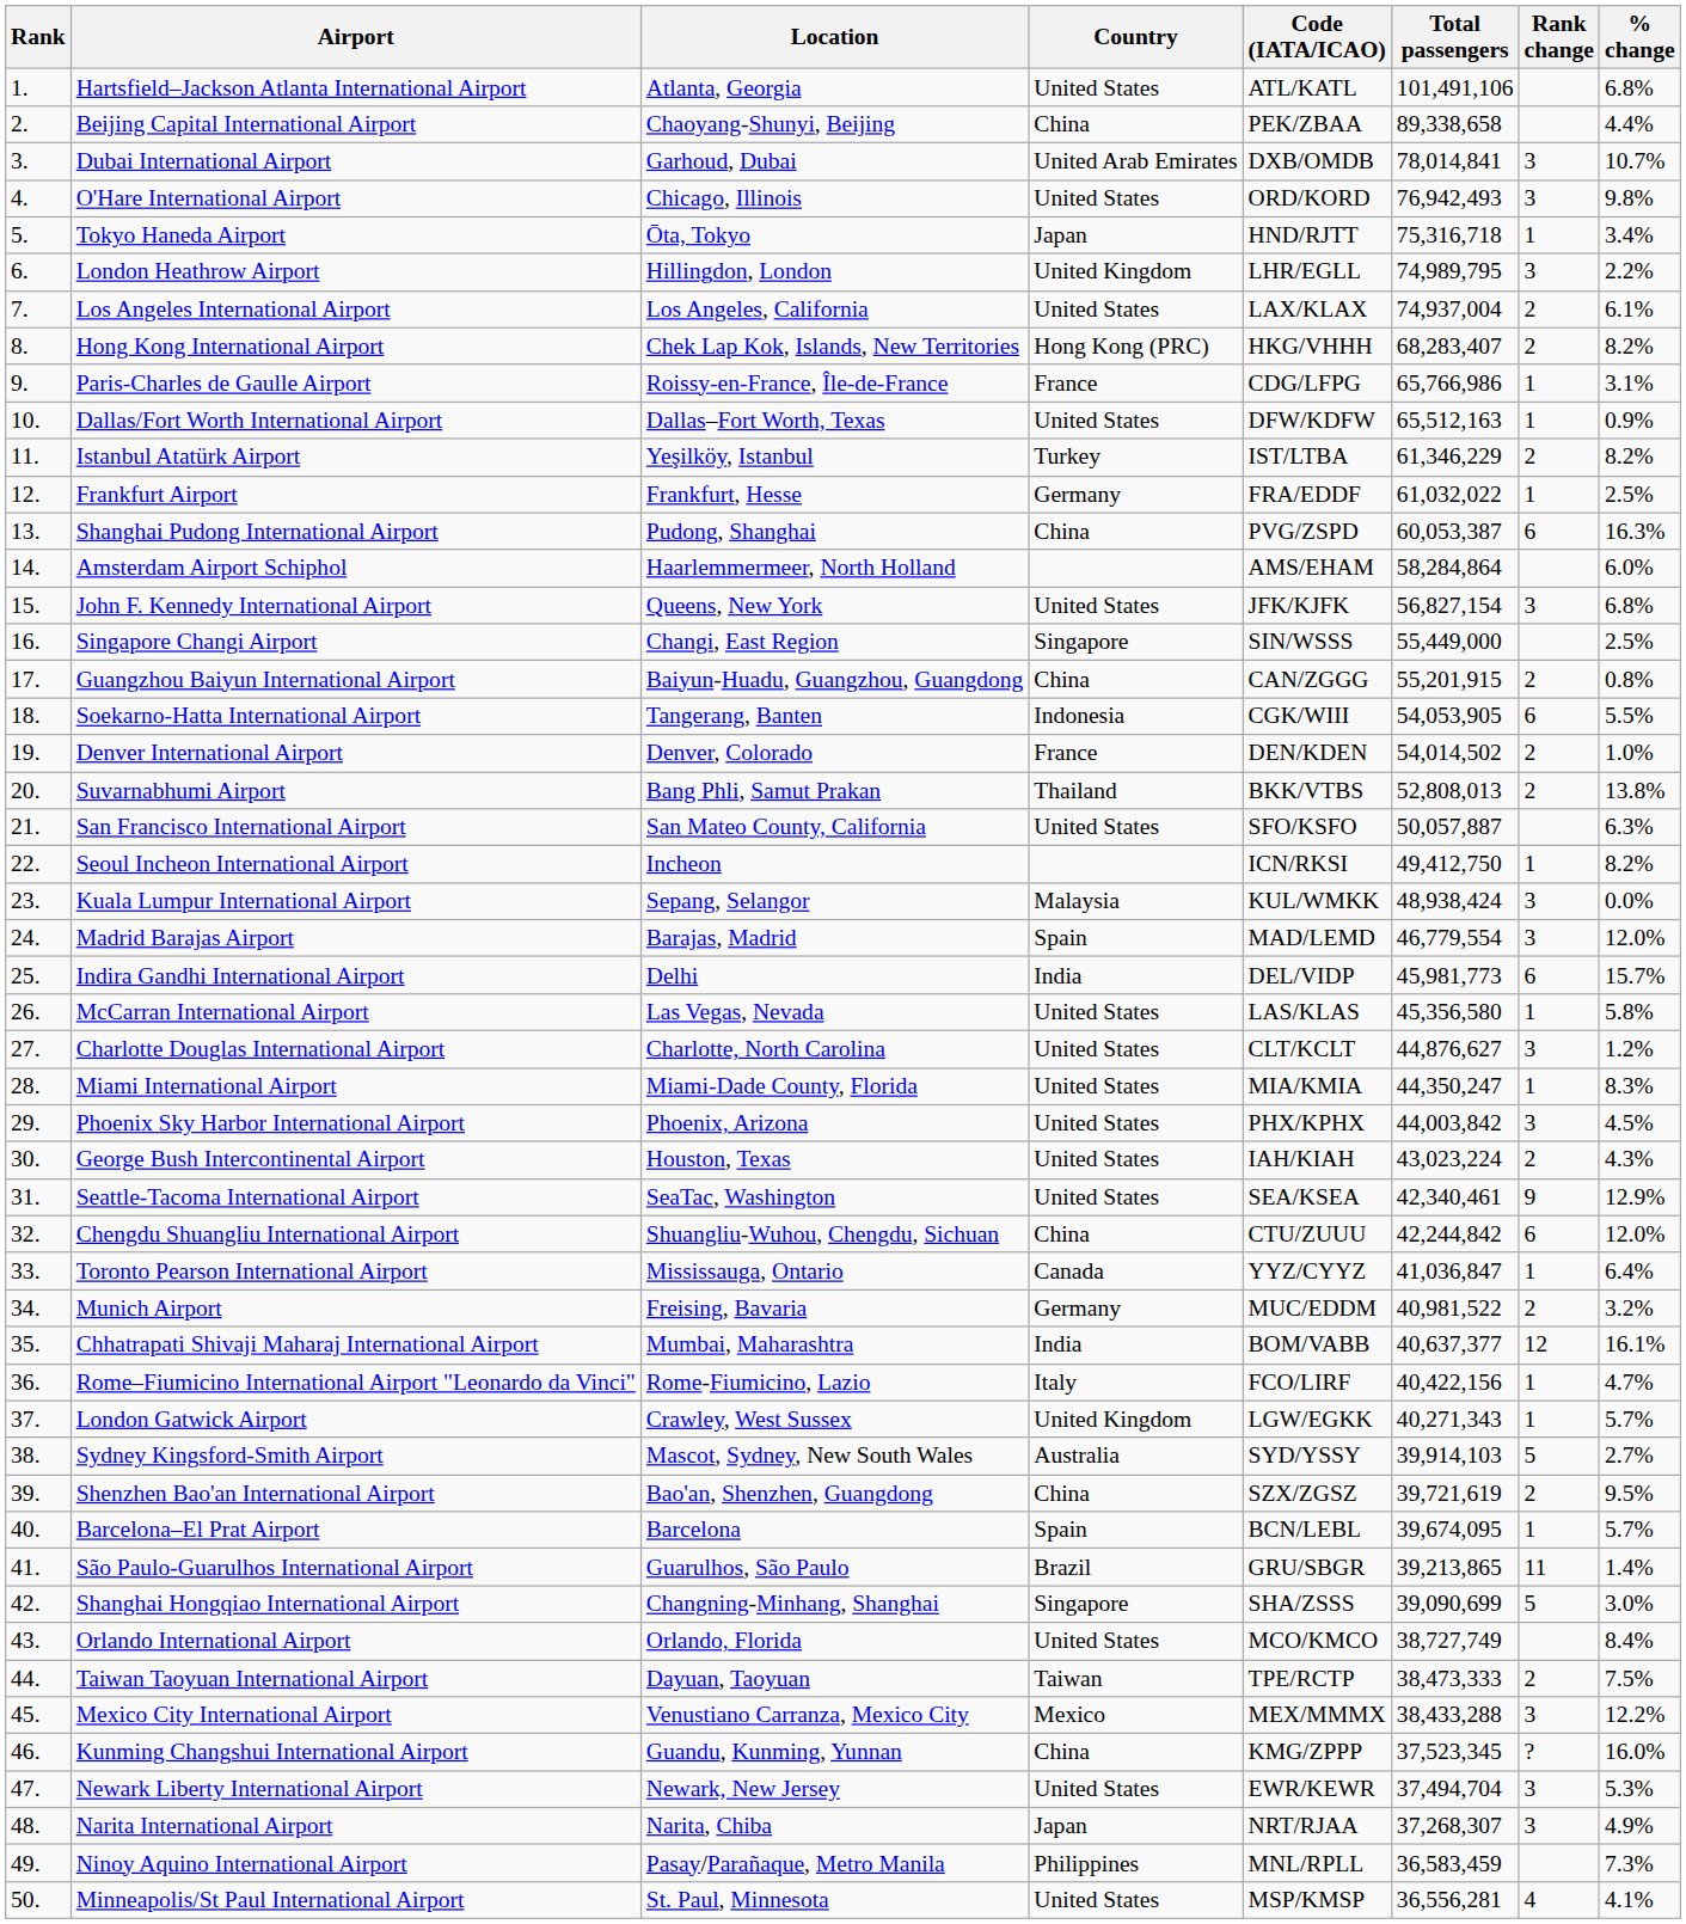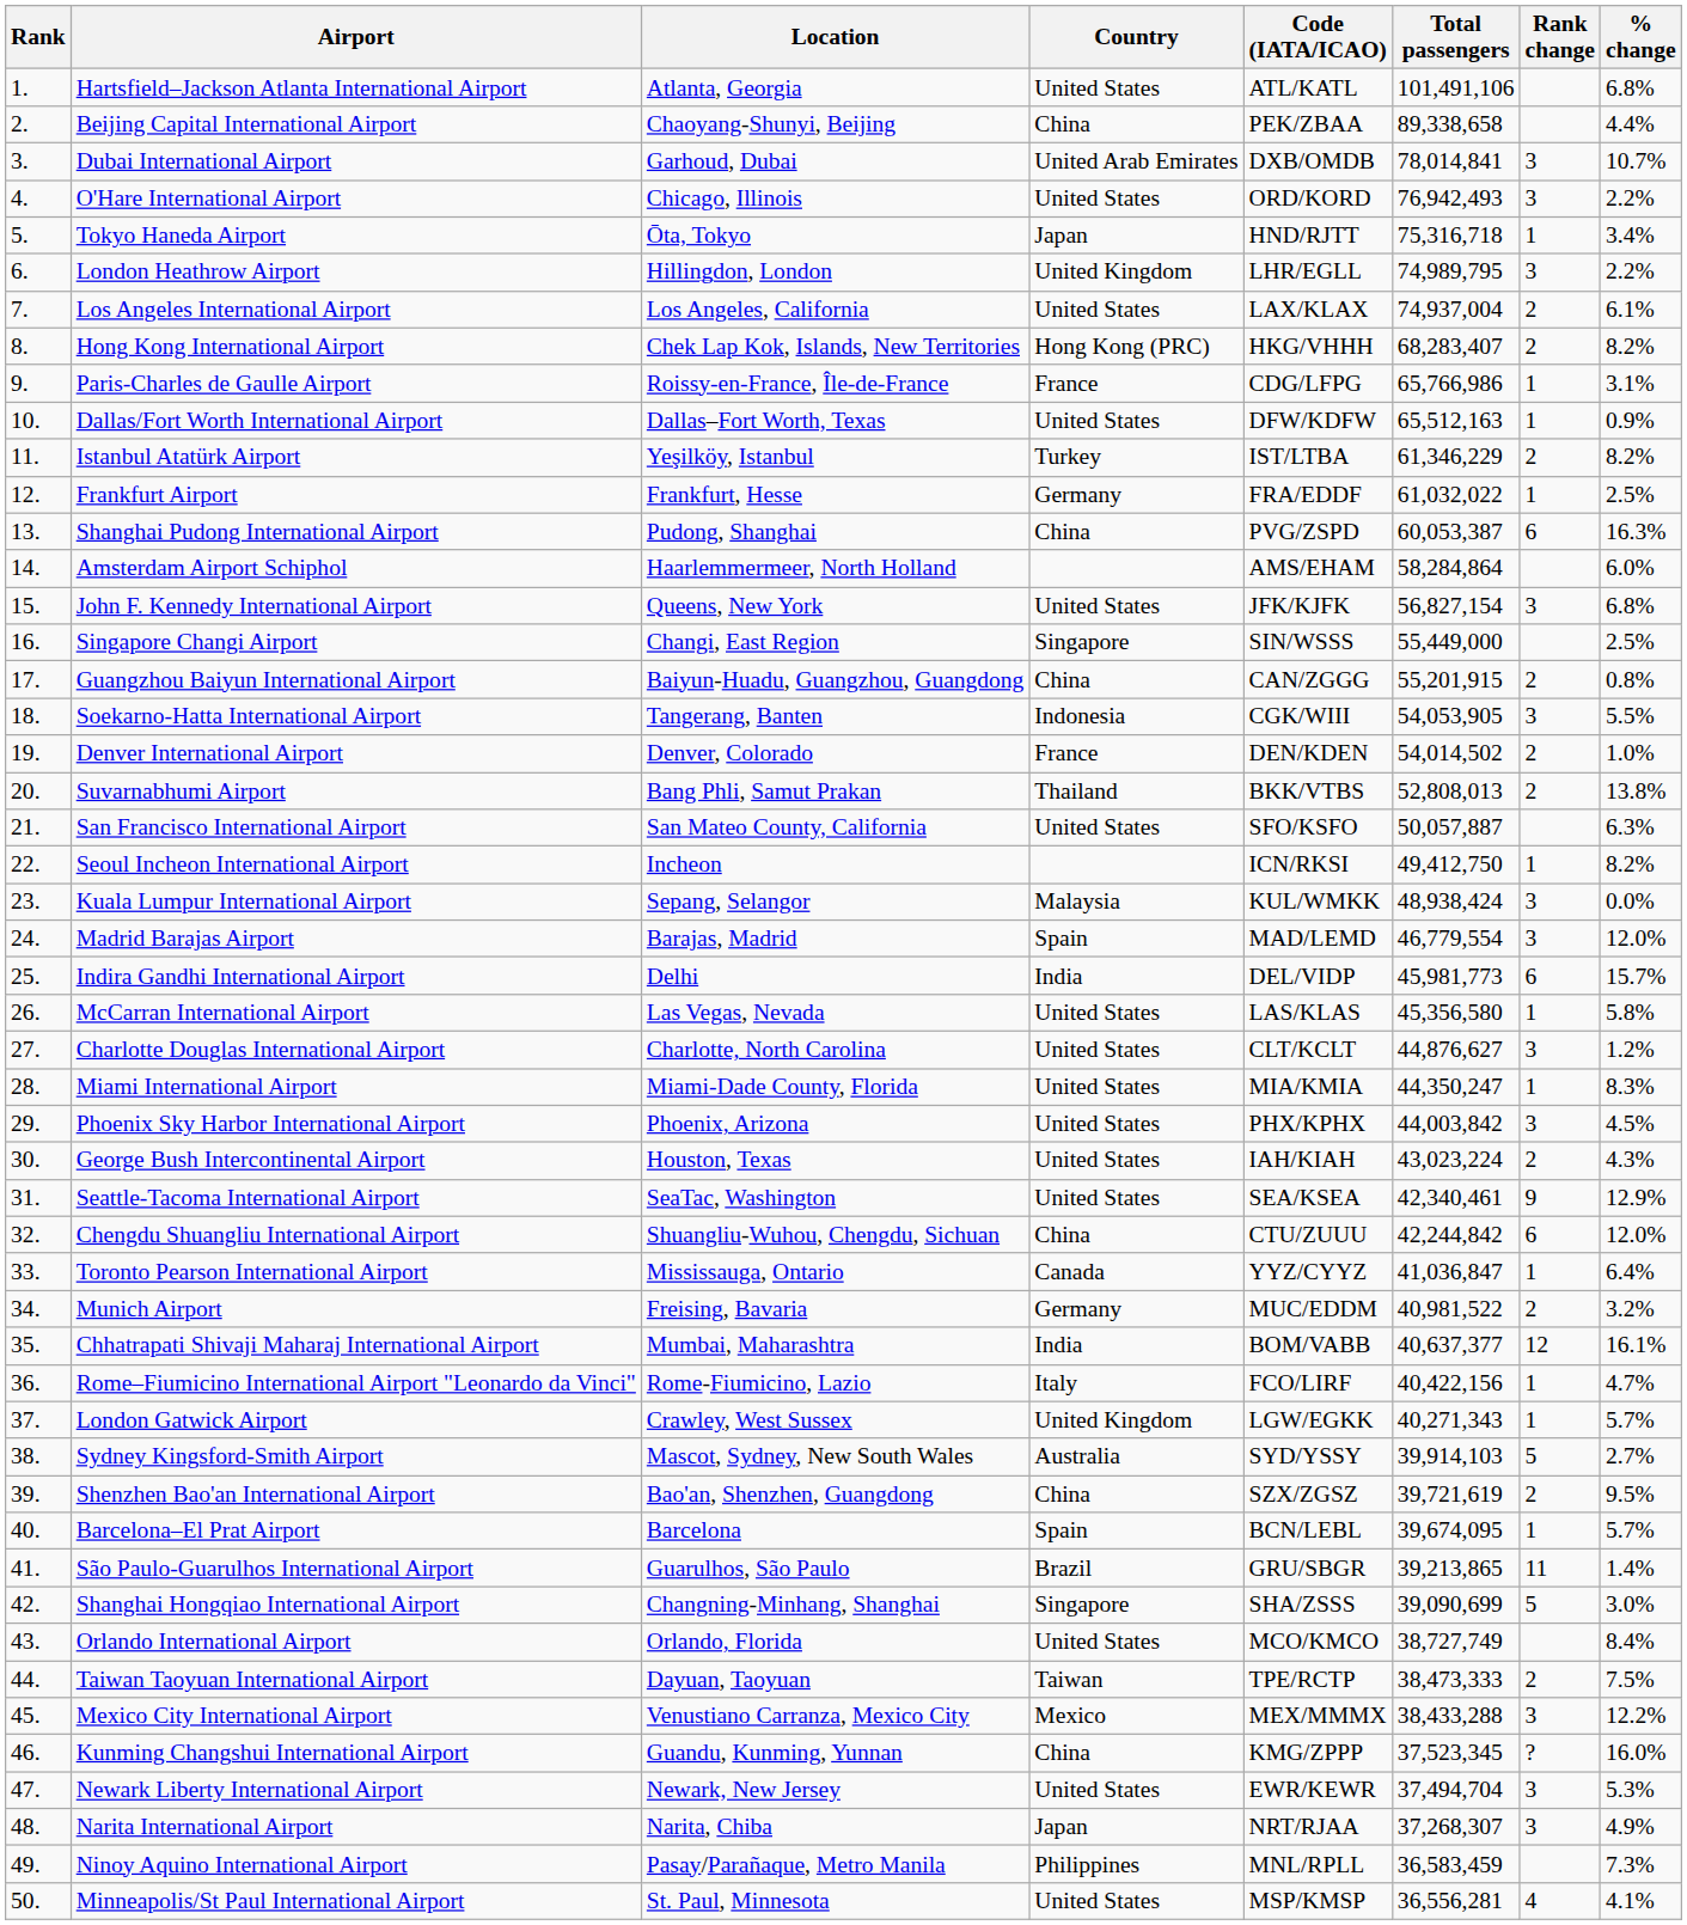 <table class="wikitable sortable" style="-size: 85%" width= align=>
 <tr style="background:lightgrey;">
 <th>Rank</th>
 <th>Airport</th>
 <th>Location</th>
 <th>Country</th>
 <th>Code<br>(IATA/ICAO)</th>
 <th>Total<br>passengers</th>
 <th>Rank<br>change</th>
 <th>%<br>change</th>
 </tr>
 <tr>
 <td>1.</td>
 <td> <a href='#'>Hartsfield–Jackson Atlanta International Airport</a></td>
 <td><a href='#'>Atlanta</a>, <a href='#'>Georgia</a></td>
 <td>United States</td>
 <td>ATL/KATL</td>
 <td>101,491,106</td>
 <td></td>
 <td>6.8%</td>
 </tr>
 <tr>
 <td>2.</td>
 <td> <a href='#'>Beijing Capital International Airport</a></td>
 <td><a href='#'>Chaoyang</a>-<a href='#'>Shunyi</a>, <a href='#'>Beijing</a></td>
 <td>China</td>
 <td>PEK/ZBAA</td>
 <td>89,338,658</td>
 <td></td>
 <td>4.4%</td>
 </tr>
 <tr>
 <td>3.</td>
 <td> <a href='#'>Dubai International Airport</a></td>
 <td><a href='#'>Garhoud</a>, <a href='#'>Dubai</a></td>
 <td>United Arab Emirates</td>
 <td>DXB/OMDB</td>
 <td>78,014,841</td>
 <td>3</td>
 <td>10.7%</td>
 </tr>
 <tr>
 <td>4.</td>
 <td> <a href='#'>O'Hare International Airport</a></td>
 <td><a href='#'>Chicago</a>, <a href='#'>Illinois</a></td>
 <td>United States</td>
 <td>ORD/KORD</td>
 <td>76,942,493</td>
 <td>3</td>
-<td>9.8%</td>
+<td>2.2%</td>
 </tr>
 <tr>
 <td>5.</td>
 <td> <a href='#'>Tokyo Haneda Airport</a></td>
 <td><a href='#'>Ōta, Tokyo</a></td>
 <td>Japan</td>
 <td>HND/RJTT</td>
 <td>75,316,718</td>
 <td>1</td>
 <td>3.4%</td>
 </tr>
 <tr>
 <td>6.</td>
 <td> <a href='#'>London Heathrow Airport</a></td>
 <td><a href='#'>Hillingdon</a>, <a href='#'>London</a></td>
 <td>United Kingdom</td>
 <td>LHR/EGLL</td>
 <td>74,989,795</td>
 <td>3</td>
 <td>2.2%</td>
 </tr>
 <tr>
 <td>7.</td>
 <td> <a href='#'>Los Angeles International Airport</a></td>
 <td><a href='#'>Los Angeles</a>, <a href='#'>California</a></td>
 <td>United States</td>
 <td>LAX/KLAX</td>
 <td>74,937,004</td>
 <td>2</td>
 <td>6.1%</td>
 </tr>
 <tr>
 <td>8.</td>
 <td> <a href='#'>Hong Kong International Airport</a></td>
 <td><a href='#'>Chek Lap Kok</a>, <a href='#'>Islands</a>, <a href='#'>New Territories</a></td>
 <td>Hong Kong (PRC)</td>
 <td>HKG/VHHH</td>
 <td>68,283,407</td>
 <td>2</td>
 <td>8.2%</td>
 </tr>
 <tr>
 <td>9.</td>
 <td> <a href='#'>Paris-Charles de Gaulle Airport</a></td>
 <td><a href='#'>Roissy-en-France</a>, <a href='#'>Île-de-France</a></td>
 <td>France</td>
 <td>CDG/LFPG</td>
 <td>65,766,986</td>
 <td>1</td>
 <td>3.1%</td>
 </tr>
 <tr>
 <td>10.</td>
 <td> <a href='#'>Dallas/Fort Worth International Airport</a></td>
 <td><a href='#'>Dallas</a>–<a href='#'>Fort Worth, Texas</a></td>
 <td>United States</td>
 <td>DFW/KDFW</td>
 <td>65,512,163</td>
 <td>1</td>
 <td>0.9%</td>
 </tr>
 <tr>
 <td>11.</td>
 <td> <a href='#'>Istanbul Atatürk Airport</a></td>
 <td><a href='#'>Yeşilköy</a>, <a href='#'>Istanbul</a></td>
 <td>Turkey</td>
 <td>IST/LTBA</td>
 <td>61,346,229</td>
 <td>2</td>
 <td>8.2%</td>
 </tr>
 <tr>
 <td>12.</td>
 <td> <a href='#'>Frankfurt Airport</a></td>
 <td><a href='#'>Frankfurt</a>, <a href='#'>Hesse</a></td>
 <td>Germany</td>
 <td>FRA/EDDF</td>
 <td>61,032,022</td>
 <td>1</td>
 <td>2.5%</td>
 </tr>
 <tr>
 <td>13.</td>
 <td> <a href='#'>Shanghai Pudong International Airport</a></td>
 <td><a href='#'>Pudong</a>, <a href='#'>Shanghai</a></td>
 <td>China</td>
 <td>PVG/ZSPD</td>
 <td>60,053,387</td>
 <td>6</td>
 <td>16.3%</td>
 </tr>
 <tr>
 <td>14.</td>
 <td> <a href='#'>Amsterdam Airport Schiphol</a></td>
 <td><a href='#'>Haarlemmermeer</a>, <a href='#'>North Holland</a></td>
 <td></td>
 <td>AMS/EHAM</td>
 <td>58,284,864</td>
 <td></td>
 <td>6.0%</td>
 </tr>
 <tr>
 <td>15.</td>
 <td> <a href='#'>John F. Kennedy International Airport</a></td>
 <td><a href='#'>Queens</a>, <a href='#'>New York</a></td>
 <td>United States</td>
 <td>JFK/KJFK</td>
 <td>56,827,154</td>
 <td>3</td>
 <td>6.8%</td>
 </tr>
 <tr>
 <td>16.</td>
 <td> <a href='#'>Singapore Changi Airport</a></td>
 <td><a href='#'>Changi</a>, <a href='#'>East Region</a></td>
 <td>Singapore</td>
 <td>SIN/WSSS</td>
 <td>55,449,000</td>
 <td></td>
 <td>2.5%</td>
 </tr>
 <tr>
 <td>17.</td>
 <td> <a href='#'>Guangzhou Baiyun International Airport</a></td>
 <td><a href='#'>Baiyun</a>-<a href='#'>Huadu</a>, <a href='#'>Guangzhou</a>, <a href='#'>Guangdong</a></td>
 <td>China</td>
 <td>CAN/ZGGG</td>
 <td>55,201,915</td>
 <td>2</td>
 <td>0.8%</td>
 </tr>
 <tr>
 <td>18.</td>
 <td> <a href='#'>Soekarno-Hatta International Airport</a></td>
 <td><a href='#'>Tangerang</a>, <a href='#'>Banten</a></td>
 <td>Indonesia</td>
 <td>CGK/WIII</td>
 <td>54,053,905</td>
-<td>6</td>
+<td>3</td>
 <td>5.5%</td>
 </tr>
 <tr j>
 <td>19.</td>
 <td> <a href='#'>Denver International Airport</a></td>
 <td><a href='#'>Denver</a>, <a href='#'>Colorado</a></td>
 <td>France</td>
 <td>DEN/KDEN</td>
 <td>54,014,502</td>
 <td>2</td>
 <td>1.0%</td>
 </tr>
 <tr>
 <td>20.</td>
 <td> <a href='#'>Suvarnabhumi Airport</a></td>
 <td><a href='#'>Bang Phli</a>, <a href='#'>Samut Prakan</a></td>
 <td>Thailand</td>
 <td>BKK/VTBS</td>
 <td>52,808,013</td>
 <td>2</td>
 <td>13.8%</td>
 </tr>
 <tr>
 <td>21.</td>
 <td> <a href='#'>San Francisco International Airport</a></td>
 <td><a href='#'>San Mateo County, California</a></td>
 <td>United States</td>
 <td>SFO/KSFO</td>
 <td>50,057,887</td>
 <td></td>
 <td>6.3%</td>
 </tr>
 <tr>
 <td>22.</td>
 <td> <a href='#'>Seoul Incheon International Airport</a></td>
 <td><a href='#'>Incheon</a></td>
 <td></td>
 <td>ICN/RKSI</td>
 <td>49,412,750</td>
 <td>1</td>
 <td>8.2%</td>
 </tr>
 <tr>
 <td>23.</td>
 <td> <a href='#'>Kuala Lumpur International Airport</a></td>
 <td><a href='#'>Sepang</a>, <a href='#'>Selangor</a></td>
 <td>Malaysia</td>
 <td>KUL/WMKK</td>
 <td>48,938,424</td>
 <td>3</td>
 <td>0.0%</td>
 </tr>
 <tr>
 <td>24.</td>
 <td> <a href='#'>Madrid Barajas Airport</a></td>
 <td><a href='#'>Barajas</a>, <a href='#'>Madrid</a></td>
 <td>Spain</td>
 <td>MAD/LEMD</td>
 <td>46,779,554</td>
 <td>3</td>
 <td>12.0%</td>
 </tr>
 <tr>
 <td>25.</td>
 <td> <a href='#'>Indira Gandhi International Airport</a></td>
 <td><a href='#'>Delhi</a></td>
 <td>India</td>
 <td>DEL/VIDP</td>
 <td>45,981,773</td>
 <td>6</td>
 <td>15.7%</td>
 </tr>
 <tr>
 <td>26.</td>
 <td> <a href='#'>McCarran International Airport</a></td>
 <td><a href='#'>Las Vegas</a>, <a href='#'>Nevada</a></td>
 <td>United States</td>
 <td>LAS/KLAS</td>
 <td>45,356,580</td>
 <td>1</td>
 <td>5.8%</td>
 </tr>
 <tr>
 <td>27.</td>
 <td> <a href='#'>Charlotte Douglas International Airport</a></td>
 <td><a href='#'>Charlotte, North Carolina</a></td>
 <td>United States</td>
 <td>CLT/KCLT</td>
 <td>44,876,627</td>
 <td>3</td>
 <td>1.2%</td>
 </tr>
 <tr>
 <td>28.</td>
 <td> <a href='#'>Miami International Airport</a></td>
 <td><a href='#'>Miami-Dade County</a>, <a href='#'>Florida</a></td>
 <td>United States</td>
 <td>MIA/KMIA</td>
 <td>44,350,247</td>
 <td>1</td>
 <td>8.3%</td>
 </tr>
 <tr>
 <td>29.</td>
 <td> <a href='#'>Phoenix Sky Harbor International Airport</a></td>
 <td><a href='#'>Phoenix, Arizona</a></td>
 <td>United States</td>
 <td>PHX/KPHX</td>
 <td>44,003,842</td>
 <td>3</td>
 <td>4.5%</td>
 </tr>
 <tr>
 <td>30.</td>
 <td> <a href='#'>George Bush Intercontinental Airport</a></td>
 <td><a href='#'>Houston</a>, <a href='#'>Texas</a></td>
 <td>United States</td>
 <td>IAH/KIAH</td>
 <td>43,023,224</td>
 <td>2</td>
 <td>4.3%</td>
 </tr>
 <tr>
 <td>31.</td>
 <td> <a href='#'>Seattle-Tacoma International Airport</a></td>
 <td><a href='#'>SeaTac</a>, <a href='#'>Washington</a></td>
 <td>United States</td>
 <td>SEA/KSEA</td>
 <td>42,340,461</td>
 <td>9</td>
 <td>12.9%</td>
 </tr>
 <tr>
 <td>32.</td>
 <td> <a href='#'>Chengdu Shuangliu International Airport</a></td>
 <td><a href='#'>Shuangliu</a>-<a href='#'>Wuhou</a>, <a href='#'>Chengdu</a>, <a href='#'>Sichuan</a></td>
 <td>China</td>
 <td>CTU/ZUUU</td>
 <td>42,244,842</td>
 <td>6</td>
 <td>12.0%</td>
 </tr>
 <tr>
 <td>33.</td>
 <td> <a href='#'>Toronto Pearson International Airport</a></td>
 <td><a href='#'>Mississauga</a>, <a href='#'>Ontario</a></td>
 <td>Canada</td>
 <td>YYZ/CYYZ</td>
 <td>41,036,847</td>
 <td>1</td>
 <td>6.4%</td>
 </tr>
 <tr>
 <td>34.</td>
 <td> <a href='#'>Munich Airport</a></td>
 <td><a href='#'>Freising</a>, <a href='#'>Bavaria</a></td>
 <td>Germany</td>
 <td>MUC/EDDM</td>
 <td>40,981,522</td>
 <td>2</td>
 <td>3.2%</td>
 </tr>
 <tr>
 <td>35.</td>
 <td> <a href='#'>Chhatrapati Shivaji Maharaj International Airport</a></td>
 <td><a href='#'>Mumbai</a>, <a href='#'>Maharashtra</a></td>
 <td>India</td>
 <td>BOM/VABB</td>
 <td>40,637,377</td>
 <td>12</td>
 <td>16.1%</td>
 </tr>
 <tr>
 <td>36.</td>
 <td> <a href='#'>Rome–Fiumicino International Airport "Leonardo da Vinci"</a></td>
 <td><a href='#'>Rome</a>-<a href='#'>Fiumicino</a>, <a href='#'>Lazio</a></td>
 <td>Italy</td>
 <td>FCO/LIRF</td>
 <td>40,422,156</td>
 <td>1</td>
 <td>4.7%</td>
 </tr>
 <tr>
 <td>37.</td>
 <td> <a href='#'>London Gatwick Airport</a></td>
 <td><a href='#'>Crawley</a>, <a href='#'>West Sussex</a></td>
 <td>United Kingdom</td>
 <td>LGW/EGKK</td>
 <td>40,271,343</td>
 <td>1</td>
 <td>5.7%</td>
 </tr>
 <tr>
 <td>38.</td>
 <td> <a href='#'>Sydney Kingsford-Smith Airport</a></td>
 <td><a href='#'>Mascot</a>, <a href='#'>Sydney</a>, New South Wales</td>
 <td>Australia</td>
 <td>SYD/YSSY</td>
 <td>39,914,103</td>
 <td>5</td>
 <td>2.7%</td>
 </tr>
 <tr>
 <td>39.</td>
 <td> <a href='#'>Shenzhen Bao'an International Airport</a></td>
 <td><a href='#'>Bao'an</a>, <a href='#'>Shenzhen</a>, <a href='#'>Guangdong</a></td>
 <td>China</td>
 <td>SZX/ZGSZ</td>
 <td>39,721,619</td>
 <td>2</td>
 <td>9.5%</td>
 </tr>
 <tr>
 <td>40.</td>
 <td> <a href='#'>Barcelona–El Prat Airport</a></td>
 <td><a href='#'>Barcelona</a></td>
 <td>Spain</td>
 <td>BCN/LEBL</td>
 <td>39,674,095</td>
 <td>1</td>
 <td>5.7%</td>
 </tr>
 <tr>
 <td>41.</td>
 <td> <a href='#'>São Paulo-Guarulhos International Airport</a></td>
 <td><a href='#'>Guarulhos</a>, <a href='#'>São Paulo</a></td>
 <td>Brazil</td>
 <td>GRU/SBGR</td>
 <td>39,213,865</td>
 <td>11</td>
 <td>1.4%</td>
 </tr>
 <tr>
 <td>42.</td>
 <td> <a href='#'>Shanghai Hongqiao International Airport</a></td>
 <td><a href='#'>Changning</a>-<a href='#'>Minhang</a>, <a href='#'>Shanghai</a></td>
 <td>Singapore</td>
 <td>SHA/ZSSS</td>
 <td>39,090,699</td>
 <td>5</td>
 <td>3.0%</td>
 </tr>
 <tr>
 <td>43.</td>
 <td> <a href='#'>Orlando International Airport</a></td>
 <td><a href='#'>Orlando, Florida</a></td>
 <td>United States</td>
 <td>MCO/KMCO</td>
 <td>38,727,749</td>
 <td></td>
 <td>8.4%</td>
 </tr>
 <tr>
 <td>44.</td>
 <td> <a href='#'>Taiwan Taoyuan International Airport</a></td>
 <td><a href='#'>Dayuan</a>, <a href='#'>Taoyuan</a></td>
 <td>Taiwan</td>
 <td>TPE/RCTP</td>
 <td>38,473,333</td>
 <td>2</td>
 <td>7.5%</td>
 </tr>
 <tr>
 <td>45.</td>
 <td> <a href='#'>Mexico City International Airport</a></td>
 <td><a href='#'>Venustiano Carranza</a>, <a href='#'>Mexico City</a></td>
 <td>Mexico</td>
 <td>MEX/MMMX</td>
 <td>38,433,288</td>
 <td>3</td>
 <td>12.2%</td>
 </tr>
 <tr>
 <td>46.</td>
 <td> <a href='#'>Kunming Changshui International Airport</a></td>
 <td><a href='#'>Guandu</a>, <a href='#'>Kunming</a>, <a href='#'>Yunnan</a></td>
 <td>China</td>
 <td>KMG/ZPPP</td>
 <td>37,523,345</td>
 <td>?</td>
 <td>16.0%</td>
 </tr>
 <tr>
 <td>47.</td>
 <td> <a href='#'>Newark Liberty International Airport</a></td>
 <td><a href='#'>Newark, New Jersey</a></td>
 <td>United States</td>
 <td>EWR/KEWR</td>
 <td>37,494,704</td>
 <td>3</td>
 <td>5.3%</td>
 </tr>
 <tr>
 <td>48.</td>
 <td> <a href='#'>Narita International Airport</a></td>
 <td><a href='#'>Narita</a>, <a href='#'>Chiba</a></td>
 <td>Japan</td>
 <td>NRT/RJAA</td>
 <td>37,268,307</td>
 <td>3</td>
 <td>4.9%</td>
 </tr>
 <tr>
 <td>49.</td>
 <td> <a href='#'>Ninoy Aquino International Airport</a></td>
 <td><a href='#'>Pasay</a>/<a href='#'>Parañaque</a>, <a href='#'>Metro Manila</a></td>
 <td>Philippines</td>
 <td>MNL/RPLL</td>
 <td>36,583,459</td>
 <td></td>
 <td>7.3%</td>
 </tr>
 <tr>
 <td>50.</td>
 <td> <a href='#'>Minneapolis/St Paul International Airport</a></td>
 <td><a href='#'>St. Paul</a>, <a href='#'>Minnesota</a></td>
 <td>United States</td>
 <td>MSP/KMSP</td>
 <td>36,556,281</td>
 <td>4</td>
 <td>4.1%</td>
 </tr>
 </table>
